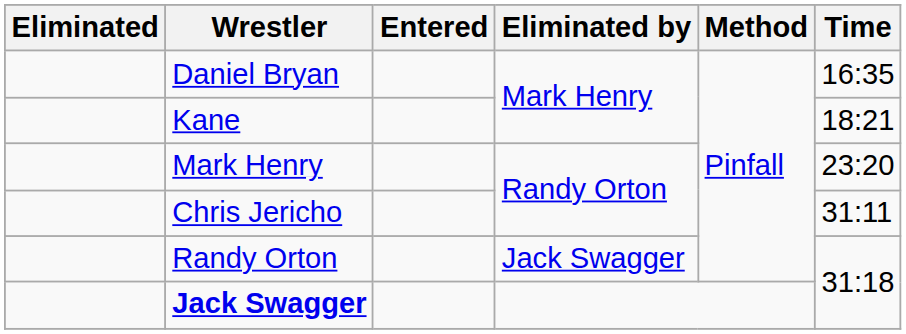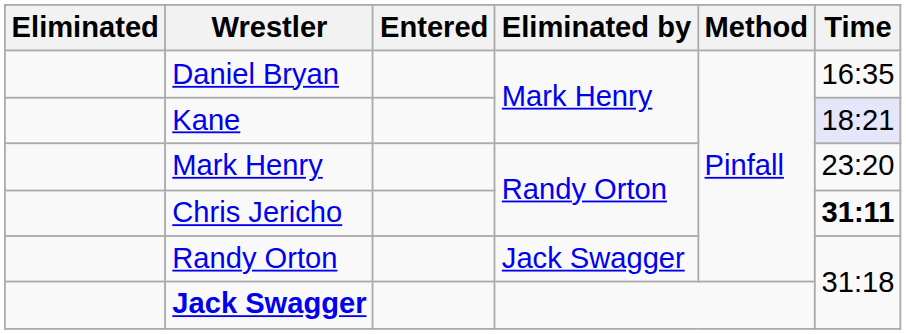 <table class="wikitable sortable">
 <tr>
 <th>Eliminated</th>
 <th>Wrestler</th>
 <th>Entered</th>
 <th>Eliminated by</th>
 <th>Method</th>
 <th><strong>Time</strong></th>
 </tr>
 <tr>
 <td></td>
 <td><a href='#'>Daniel Bryan</a></td>
 <td></td>
 <td rowspan=2><a href='#'>Mark Henry</a></td>
 <td rowspan=5><a href='#'>Pinfall</a></td>
 <td>16:35</td>
 </tr>
 <tr>
 <td></td>
 <td><a href='#'>Kane</a></td>
 <td></td>
-<td>18:21</td>
+<td style="background: lavender;">18:21</td>
 </tr>
 <tr>
 <td></td>
 <td><a href='#'>Mark Henry</a></td>
 <td></td>
 <td rowspan=2><a href='#'>Randy Orton</a></td>
 <td>23:20</td>
 </tr>
 <tr>
 <td></td>
 <td><a href='#'>Chris Jericho</a></td>
 <td></td>
-<td>31:11</td>
+<td><strong>31:11</strong></td>
 </tr>
 <tr>
 <td></td>
 <td><a href='#'>Randy Orton</a></td>
 <td></td>
 <td><a href='#'>Jack Swagger</a></td>
 <td rowspan=2>31:18</td>
 </tr>
 <tr>
 <td></td>
 <td><strong><a href='#'>Jack Swagger</a></strong></td>
 <td></td>
 <td colspan="2"></td>
 </tr>
 </table>
